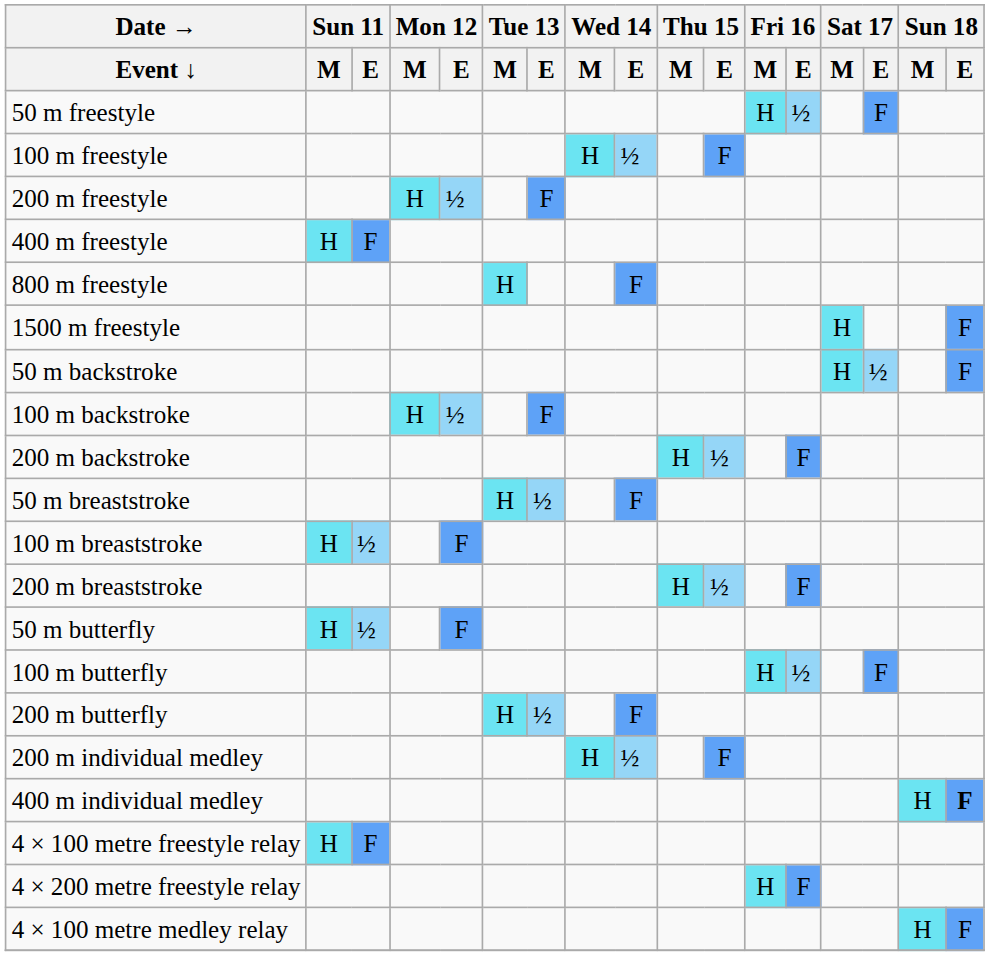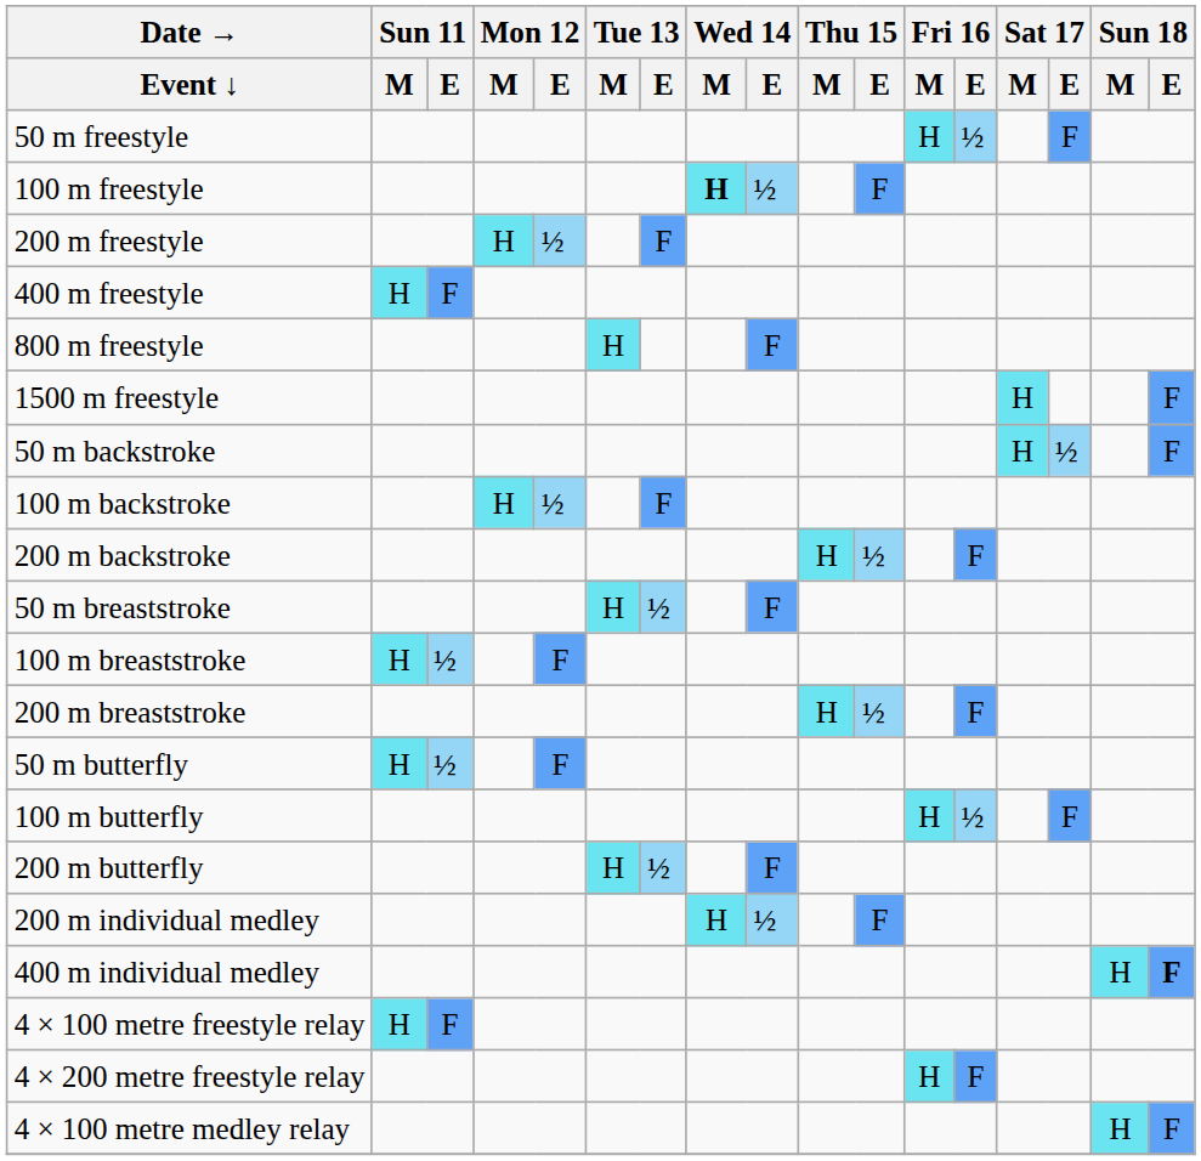 <table class="wikitable" style="margin:0.5em auto; font-size:95%; line-height:1.25em;">
 <tr style="text-align:center;">
 <th>Date →</th>
 <th colspan="2">Sun 11</th>
 <th colspan="2">Mon 12</th>
 <th colspan="2">Tue 13</th>
 <th colspan="2">Wed 14</th>
 <th colspan="2">Thu 15</th>
 <th colspan="2">Fri 16</th>
 <th colspan="2">Sat 17</th>
 <th colspan="2">Sun 18</th>
 </tr>
 <tr>
 <th>Event ↓</th>
 <th>M</th>
 <th>E</th>
 <th>M</th>
 <th>E</th>
 <th>M</th>
 <th>E</th>
 <th>M</th>
 <th>E</th>
 <th>M</th>
 <th>E</th>
 <th>M</th>
 <th>E</th>
 <th>M</th>
 <th>E</th>
 <th>M</th>
 <th>E</th>
 </tr>
 <tr>
 <td class=event>50 m freestyle</td>
 <td colspan=2></td>
 <td colspan=2></td>
 <td colspan=2></td>
 <td colspan=2></td>
 <td colspan=2></td>
 <td style="background-color:#6be4f2; text-align:center;">H</td>
 <td style="background-color:#95d6f7;">½</td>
 <td></td>
 <td style="background-color:#5ea2f7; text-align:center;">F</td>
 <td colspan=2></td>
 </tr>
 <tr>
 <td class=event>100 m freestyle</td>
 <td colspan=2></td>
 <td colspan=2></td>
 <td colspan=2></td>
-<td style="background-color:#6be4f2; text-align:center;">H</td>
+<td style="background-color:#6be4f2; text-align:center;"><strong>H</strong></td>
 <td style="background-color:#95d6f7;">½</td>
 <td></td>
 <td style="background-color:#5ea2f7; text-align:center;">F</td>
 <td colspan=2></td>
 <td colspan=2></td>
 <td colspan=2></td>
 </tr>
 <tr>
 <td class=event>200 m freestyle</td>
 <td colspan=2></td>
 <td style="background-color:#6be4f2; text-align:center;">H</td>
 <td style="background-color:#95d6f7;">½</td>
 <td></td>
 <td style="background-color:#5ea2f7; text-align:center;">F</td>
 <td colspan=2></td>
 <td colspan=2></td>
 <td colspan=2></td>
 <td colspan=2></td>
 <td colspan=2></td>
 </tr>
 <tr>
 <td class=event>400 m freestyle</td>
 <td style="background-color:#6be4f2; text-align:center;">H</td>
 <td style="background-color:#5ea2f7; text-align:center;">F</td>
 <td colspan=2></td>
 <td colspan=2></td>
 <td colspan=2></td>
 <td colspan=2></td>
 <td colspan=2></td>
 <td colspan=2></td>
 <td colspan=2></td>
 </tr>
 <tr>
 <td class=event>800 m freestyle</td>
 <td colspan=2></td>
 <td colspan=2></td>
 <td style="background-color:#6be4f2; text-align:center;">H</td>
 <td></td>
 <td></td>
 <td style="background-color:#5ea2f7; text-align:center;">F</td>
 <td colspan=2></td>
 <td colspan=2></td>
 <td colspan=2></td>
 <td colspan=2></td>
 </tr>
 <tr>
 <td class=event>1500 m freestyle</td>
 <td colspan=2></td>
 <td colspan=2></td>
 <td colspan=2></td>
 <td colspan=2></td>
 <td colspan=2></td>
 <td colspan=2></td>
 <td style="background-color:#6be4f2; text-align:center;">H</td>
 <td></td>
 <td></td>
 <td style="background-color:#5ea2f7; text-align:center;">F</td>
 </tr>
 <tr>
 <td class=event>50 m backstroke</td>
 <td colspan=2></td>
 <td colspan=2></td>
 <td colspan=2></td>
 <td colspan=2></td>
 <td colspan=2></td>
 <td colspan=2></td>
 <td style="background-color:#6be4f2; text-align:center;">H</td>
 <td style="background-color:#95d6f7;">½</td>
 <td></td>
 <td style="background-color:#5ea2f7; text-align:center;">F</td>
 </tr>
 <tr>
 <td class=event>100 m backstroke</td>
 <td colspan=2></td>
 <td style="background-color:#6be4f2; text-align:center;">H</td>
 <td style="background-color:#95d6f7;">½</td>
 <td></td>
 <td style="background-color:#5ea2f7; text-align:center;">F</td>
 <td colspan=2></td>
 <td colspan=2></td>
 <td colspan=2></td>
 <td colspan=2></td>
 <td colspan=2></td>
 </tr>
 <tr>
 <td class=event>200 m backstroke</td>
 <td colspan=2></td>
 <td colspan=2></td>
 <td colspan=2></td>
 <td colspan=2></td>
 <td style="background-color:#6be4f2; text-align:center;">H</td>
 <td style="background-color:#95d6f7;">½</td>
 <td></td>
 <td style="background-color:#5ea2f7; text-align:center;">F</td>
 <td colspan=2></td>
 <td colspan=2></td>
 </tr>
 <tr>
 <td class=event>50 m breaststroke</td>
 <td colspan=2></td>
 <td colspan=2></td>
 <td style="background-color:#6be4f2; text-align:center;">H</td>
 <td style="background-color:#95d6f7;">½</td>
 <td></td>
 <td style="background-color:#5ea2f7; text-align:center;">F</td>
 <td colspan=2></td>
 <td colspan=2></td>
 <td colspan=2></td>
 <td colspan=2></td>
 </tr>
 <tr>
 <td class=event>100 m breaststroke</td>
 <td style="background-color:#6be4f2; text-align:center;">H</td>
 <td style="background-color:#95d6f7;">½</td>
 <td></td>
 <td style="background-color:#5ea2f7; text-align:center;">F</td>
 <td colspan=2></td>
 <td colspan=2></td>
 <td colspan=2></td>
 <td colspan=2></td>
 <td colspan=2></td>
 <td colspan=2></td>
 </tr>
 <tr>
 <td class=event>200 m breaststroke</td>
 <td colspan=2></td>
 <td colspan=2></td>
 <td colspan=2></td>
 <td colspan=2></td>
 <td style="background-color:#6be4f2; text-align:center;">H</td>
 <td style="background-color:#95d6f7;">½</td>
 <td></td>
 <td style="background-color:#5ea2f7; text-align:center;">F</td>
 <td colspan=2></td>
 <td colspan=2></td>
 </tr>
 <tr>
 <td class=event>50 m butterfly</td>
 <td style="background-color:#6be4f2; text-align:center;">H</td>
 <td style="background-color:#95d6f7;">½</td>
 <td></td>
 <td style="background-color:#5ea2f7; text-align:center;">F</td>
 <td colspan=2></td>
 <td colspan=2></td>
 <td colspan=2></td>
 <td colspan=2></td>
 <td colspan=2></td>
 <td colspan=2></td>
 </tr>
 <tr>
 <td class=event>100 m butterfly</td>
 <td colspan=2></td>
 <td colspan=2></td>
 <td colspan=2></td>
 <td colspan=2></td>
 <td colspan=2></td>
 <td style="background-color:#6be4f2; text-align:center;">H</td>
 <td style="background-color:#95d6f7;">½</td>
 <td></td>
 <td style="background-color:#5ea2f7; text-align:center;">F</td>
 <td colspan=2></td>
 </tr>
 <tr>
 <td class=event>200 m butterfly</td>
 <td colspan=2></td>
 <td colspan=2></td>
 <td style="background-color:#6be4f2; text-align:center;">H</td>
 <td style="background-color:#95d6f7;">½</td>
 <td></td>
 <td style="background-color:#5ea2f7; text-align:center;">F</td>
 <td colspan=2></td>
 <td colspan=2></td>
 <td colspan=2></td>
 <td colspan=2></td>
 </tr>
 <tr>
 <td class=event>200 m individual medley</td>
 <td colspan=2></td>
 <td colspan=2></td>
 <td colspan=2></td>
 <td style="background-color:#6be4f2; text-align:center;">H</td>
 <td style="background-color:#95d6f7;">½</td>
 <td></td>
 <td style="background-color:#5ea2f7; text-align:center;">F</td>
 <td colspan=2></td>
 <td colspan=2></td>
 <td colspan=2></td>
 </tr>
 <tr>
 <td class=event>400 m individual medley</td>
 <td colspan=2></td>
 <td colspan=2></td>
 <td colspan=2></td>
 <td colspan=2></td>
 <td colspan=2></td>
 <td colspan=2></td>
 <td colspan=2></td>
 <td style="background-color:#6be4f2; text-align:center;">H</td>
 <td style="background-color:#5ea2f7; text-align:center;"><strong>F</strong></td>
 </tr>
 <tr>
 <td class=event>4 × 100 metre freestyle relay</td>
 <td style="background-color:#6be4f2; text-align:center;">H</td>
 <td style="background-color:#5ea2f7; text-align:center;">F</td>
 <td colspan=2></td>
 <td colspan=2></td>
 <td colspan=2></td>
 <td colspan=2></td>
 <td colspan=2></td>
 <td colspan=2></td>
 <td colspan=2></td>
 </tr>
 <tr>
 <td class=event>4 × 200 metre freestyle relay</td>
 <td colspan=2></td>
 <td colspan=2></td>
 <td colspan=2></td>
 <td colspan=2></td>
 <td colspan=2></td>
 <td style="background-color:#6be4f2; text-align:center;">H</td>
 <td style="background-color:#5ea2f7; text-align:center;">F</td>
 <td colspan=2></td>
 <td colspan=2></td>
 </tr>
 <tr>
 <td class=event>4 × 100 metre medley relay</td>
 <td colspan=2></td>
 <td colspan=2></td>
 <td colspan=2></td>
 <td colspan=2></td>
 <td colspan=2></td>
 <td colspan=2></td>
 <td colspan=2></td>
 <td style="background-color:#6be4f2; text-align:center;">H</td>
 <td style="background-color:#5ea2f7; text-align:center;">F</td>
 </tr>
 <tr>
 </tr>
 </table>
